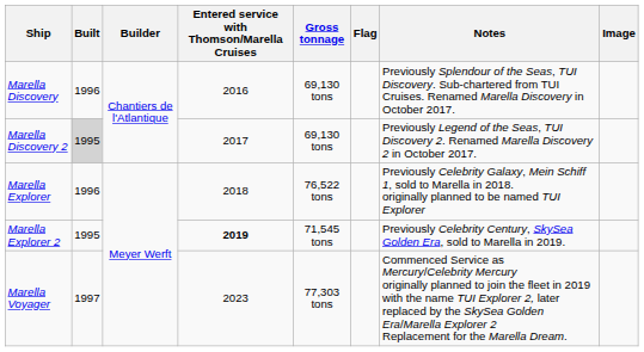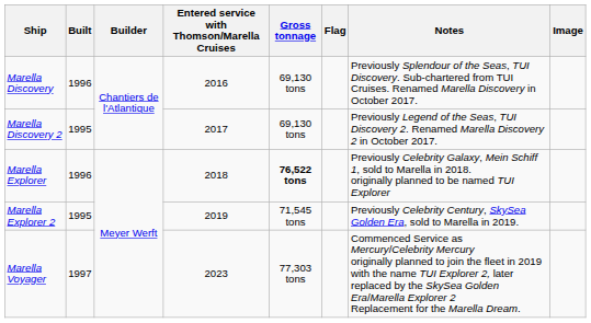 <table class="wikitable sortable" style="width: 100%;">
 <tr>
 <th>Ship</th>
 <th>Built</th>
 <th>Builder</th>
 <th>Entered service<br>with Thomson/Marella Cruises</th>
 <th><a href='#'>Gross tonnage</a></th>
 <th>Flag</th>
 <th>Notes</th>
 <th>Image</th>
 </tr>
 <tr>
 <td><em><a href='#'>Marella Discovery</a></em></td>
 <td style="text-align:Center;">1996</td>
 <td style="text-align:Center;"rowspan="2"><a href='#'>Chantiers de l'Atlantique</a></td>
 <td style="text-align:Center;">2016</td>
 <td style="text-align:Center;">69,130 tons</td>
 <td></td>
 <td>Previously <em>Splendour of the Seas</em>, <em>TUI Discovery</em>. Sub-chartered from TUI Cruises. Renamed <em>Marella Discovery</em> in October 2017.</td>
 <td></td>
 </tr>
 <tr>
 <td><em><a href='#'>Marella Discovery 2</a></em></td>
-<td style="background: lightgrey; text-align:Center;">1995</td>
+<td style="text-align:Center;">1995</td>
 <td style="text-align:Center;">2017</td>
 <td style="text-align:Center;">69,130 tons</td>
 <td></td>
 <td>Previously <em>Legend of the Seas</em>, <em>TUI Discovery 2</em>. Renamed <em>Marella Discovery 2</em> in October 2017.</td>
 <td></td>
 </tr>
 <tr>
 <td><em><a href='#'>Marella Explorer</a></em></td>
 <td style="text-align:Center;">1996</td>
 <td style="text-align:Center;" rowspan="3"><a href='#'>Meyer Werft</a></td>
 <td style="text-align:Center;">2018</td>
-<td style="text-align:Center;">76,522 tons</td>
+<td style="text-align:Center;"><strong>76,522 tons</strong></td>
 <td></td>
 <td>Previously <em>Celebrity Galaxy</em>, <em>Mein Schiff 1</em>, sold to Marella in 2018.<br>originally planned to be named <em>TUI Explorer</em></td>
 <td></td>
 </tr>
 <tr>
 <td><em><a href='#'>Marella Explorer 2</a></em></td>
 <td style="text-align:Center;">1995</td>
-<td style="text-align:Center;"><strong>2019</strong></td>
+<td style="text-align:Center;">2019</td>
 <td style="text-align:Center;">71,545 tons</td>
 <td></td>
 <td>Previously <em>Celebrity Century</em>, <em><a href='#'>SkySea Golden Era</a></em>, sold to Marella in 2019.</td>
 <td></td>
 </tr>
 <tr>
 <td><em><a href='#'>Marella Voyager</a></em></td>
 <td style="text-align:Center;">1997</td>
 <td style="text-align:Center;">2023</td>
 <td style="text-align:Center;">77,303 tons</td>
 <td></td>
 <td>Commenced Service as <em>Mercury</em>/<em>Celebrity Mercury</em><br>originally planned to join the fleet in 2019 with the name <em>TUI Explorer 2,</em> later replaced by the <em>SkySea Golden Era</em>/<em>Marella Explorer 2</em><br>Replacement for the <em>Marella Dream</em>.</td>
 <td></td>
 </tr>
 </table>
